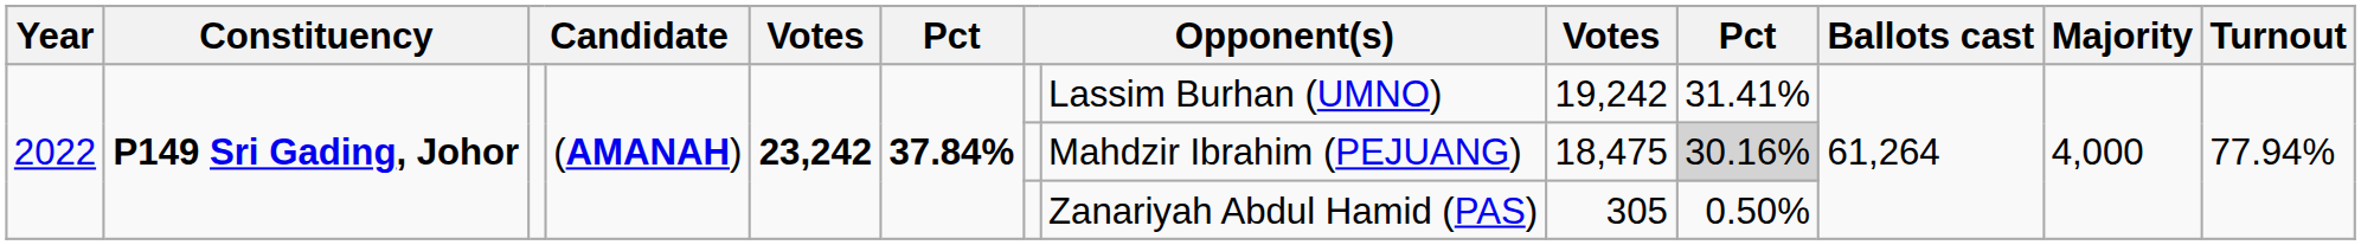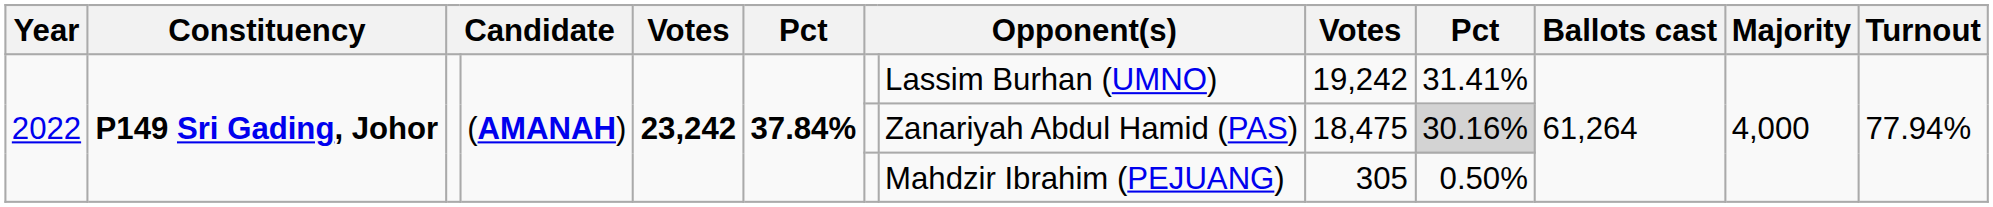 <table class="wikitable" style="margin:0.5em ; font-size:95%">
 <tr>
 <th>Year</th>
 <th>Constituency</th>
 <th colspan=2>Candidate</th>
 <th>Votes</th>
 <th>Pct</th>
 <th colspan=2>Opponent(s)</th>
 <th>Votes</th>
 <th>Pct</th>
 <th>Ballots cast</th>
 <th>Majority</th>
 <th>Turnout</th>
 </tr>
 <tr>
 <td rowspan="3"><a href='#'>2022</a></td>
 <td rowspan="3"><strong>P149 <a href='#'>Sri Gading</a>, Johor</strong></td>
 <td rowspan="3" ></td>
 <td rowspan="3"> (<a href='#'><strong>AMANAH</strong></a>)</td>
 <td rowspan="3" align="right"><strong>23,242</strong></td>
 <td rowspan="3"><strong>37.84%</strong></td>
 <td></td>
 <td>Lassim Burhan (<a href='#'>UMNO</a>)</td>
 <td align="right">19,242</td>
 <td align="right">31.41%</td>
 <td rowspan="3">61,264</td>
 <td rowspan="3">4,000</td>
 <td rowspan="3">77.94%</td>
 </tr>
 <tr>
 <td></td>
-<td>Mahdzir Ibrahim (<a href='#'>PEJUANG</a>)</td>
+<td>Zanariyah Abdul Hamid (<a href='#'>PAS</a>)</td>
 <td align="right">18,475</td>
 <td align="right" style="background: lightgrey;">30.16%</td>
 </tr>
 <tr>
 <td></td>
-<td>Zanariyah Abdul Hamid (<a href='#'>PAS</a>)</td>
+<td>Mahdzir Ibrahim (<a href='#'>PEJUANG</a>)</td>
 <td align="right">305</td>
 <td align="right">0.50%</td>
 </tr>
 </table>
